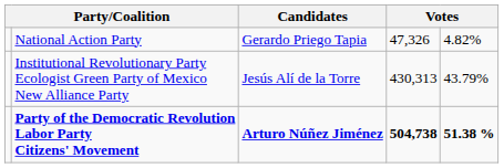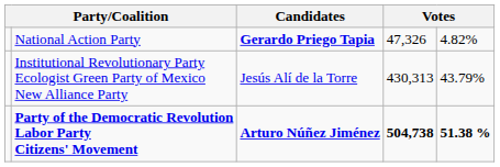 <table class="wikitable">
 <tr style="background:#efefef;">
 <th Colspan = 2><strong>Party/Coalition</strong></th>
 <th><strong>Candidates</strong></th>
 <th Colspan = 2><strong>Votes</strong></th>
 </tr>
 <tr>
 <td></td>
 <td><a href='#'>National Action Party</a></td>
-<td><a href='#'>Gerardo Priego Tapia</a><br></td>
+<td><strong><a href='#'>Gerardo Priego Tapia</a><br></strong></td>
 <td>47,326</td>
 <td>4.82%</td>
 </tr>
 <tr>
 <td>  </td>
 <td><a href='#'>Institutional Revolutionary Party</a><br><a href='#'>Ecologist Green Party of Mexico</a><br><a href='#'>New Alliance Party</a></td>
 <td><a href='#'>Jesús Alí de la Torre</a></td>
 <td>430,313</td>
 <td>43.79%</td>
 </tr>
 <tr>
 <td>  </td>
 <td><strong><a href='#'>Party of the Democratic Revolution</a><br><a href='#'>Labor Party</a><br><a href='#'>Citizens' Movement</a></strong></td>
 <td><strong><a href='#'>Arturo Núñez Jiménez</a></strong></td>
 <td><strong>504,738</strong></td>
 <td><strong>51.38 %</strong> </td>
 </tr>
 </table>
